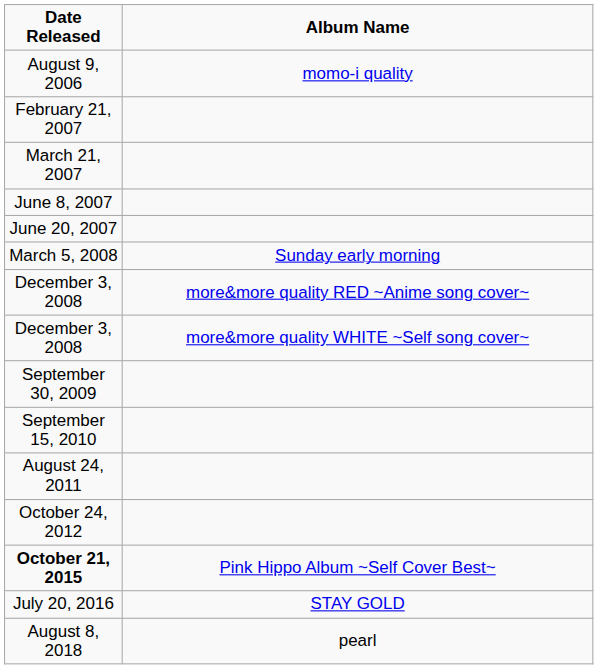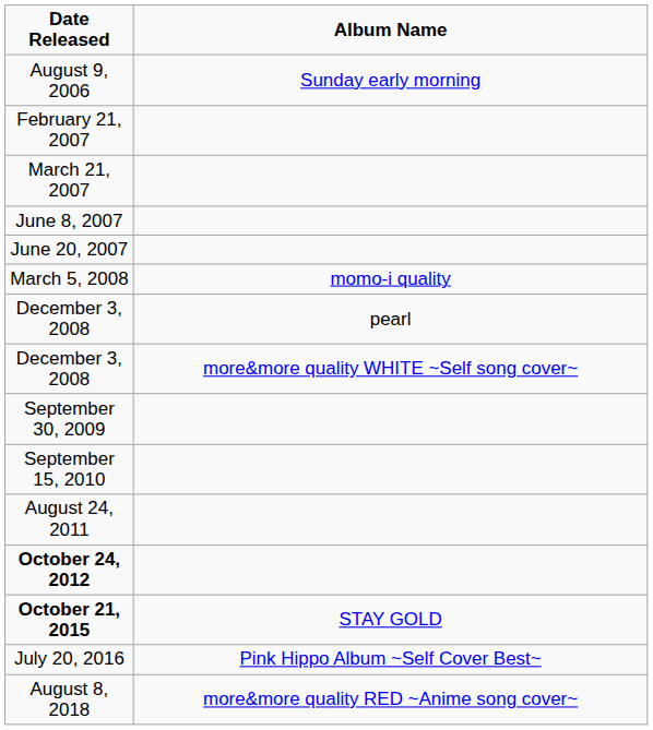 <table class="wikitable" style="text-align:center; width:44%">
 <tr>
 <td width="20%"><strong>Date Released</strong></td>
 <td width="80%"><strong>Album Name</strong></td>
 </tr>
 <tr>
 <td>August 9, 2006</td>
-<td><a href='#'>momo-i quality</a></td>
+<td><a href='#'>Sunday early morning</a></td>
 </tr>
 <tr>
 <td>February 21, 2007</td>
 <td></td>
 </tr>
 <tr>
 <td>March 21, 2007</td>
 <td></td>
 </tr>
 <tr>
 <td>June 8, 2007</td>
 <td></td>
 </tr>
 <tr>
 <td>June 20, 2007</td>
 <td></td>
 </tr>
 <tr>
 <td>March 5, 2008</td>
-<td><a href='#'>Sunday early morning</a></td>
+<td><a href='#'>momo-i quality</a></td>
 </tr>
 <tr>
 <td>December 3, 2008</td>
-<td><a href='#'>more&more quality RED ~Anime song cover~</a></td>
+<td>pearl</td>
 </tr>
 <tr>
 <td>December 3, 2008</td>
 <td><a href='#'>more&more quality WHITE ~Self song cover~</a></td>
 </tr>
 <tr>
 <td>September 30, 2009</td>
 <td></td>
 </tr>
 <tr>
 <td>September 15, 2010</td>
 <td></td>
 </tr>
 <tr>
 <td>August 24, 2011</td>
 <td></td>
 </tr>
 <tr>
-<td>October 24, 2012</td>
+<td><strong>October 24, 2012</strong></td>
 <td></td>
 </tr>
 <tr>
 <td><strong>October 21, 2015</strong></td>
+<td><a href='#'>STAY GOLD</a></td>
+</tr>
+<tr>
+<td>July 20, 2016</td>
 <td><a href='#'>Pink Hippo Album ~Self Cover Best~</a></td>
 </tr>
 <tr>
-<td>July 20, 2016</td>
-<td><a href='#'>STAY GOLD</a></td>
-</tr>
-<tr>
 <td>August 8, 2018</td>
-<td>pearl</td>
+<td><a href='#'>more&more quality RED ~Anime song cover~</a></td>
 </tr>
 </table>
